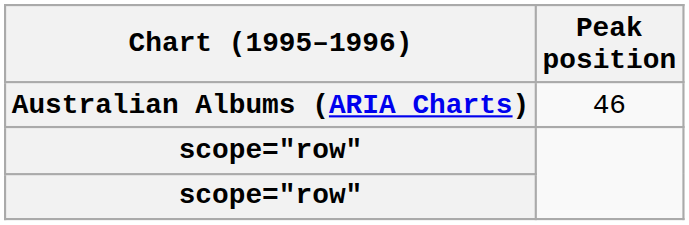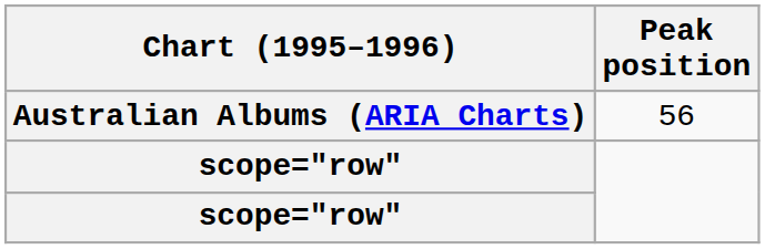 <table class="wikitable sortable plainrowheaders" style="text-align:center;">
 <tr>
 <th scope="col">Chart (1995–1996)</th>
 <th scope="col">Peak<br>position</th>
 </tr>
 <tr>
 <th scope="row">Australian Albums (<a href='#'>ARIA Charts</a>)</th>
-<td>46</td>
+<td>56</td>
 </tr>
 <tr>
 <th>scope="row" </th>
 </tr>
 <tr>
 <th>scope="row" </th>
 </tr>
 </table>
